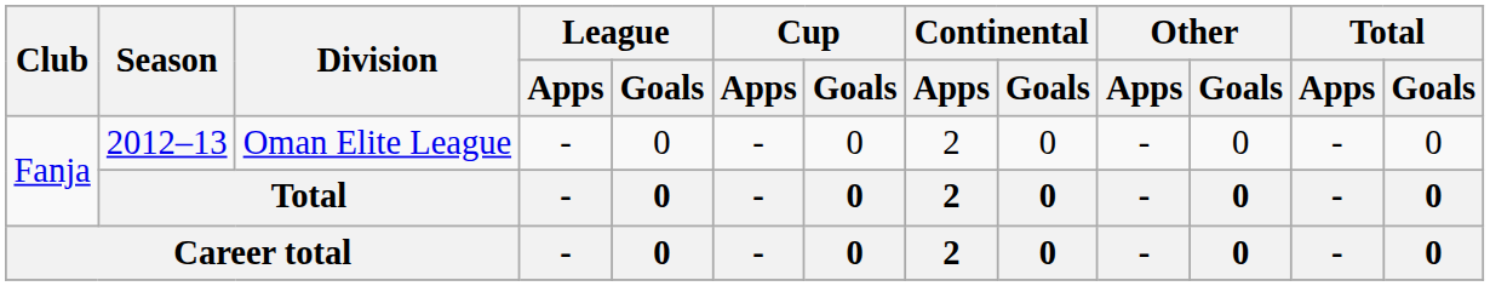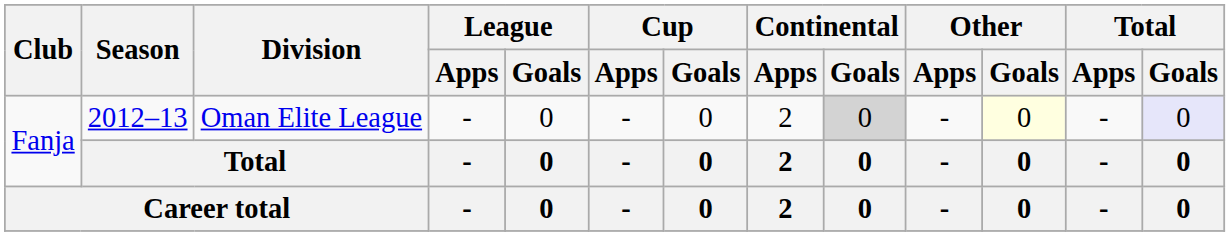 <table class="wikitable" style="text-align: center;">
 <tr>
 <th rowspan="2">Club</th>
 <th rowspan="2">Season</th>
 <th rowspan="2">Division</th>
 <th colspan="2">League</th>
 <th colspan="2">Cup</th>
 <th colspan="2">Continental</th>
 <th colspan="2">Other</th>
 <th colspan="2">Total</th>
 </tr>
 <tr>
 <th>Apps</th>
 <th>Goals</th>
 <th>Apps</th>
 <th>Goals</th>
 <th>Apps</th>
 <th>Goals</th>
 <th>Apps</th>
 <th>Goals</th>
 <th>Apps</th>
 <th>Goals</th>
 </tr>
 <tr>
 <td rowspan="2"><a href='#'>Fanja</a></td>
 <td><a href='#'>2012–13</a></td>
 <td rowspan="1"><a href='#'>Oman Elite League</a></td>
 <td>-</td>
 <td>0</td>
 <td>-</td>
 <td>0</td>
 <td>2</td>
-<td>0</td>
+<td style="background: lightgrey;">0</td>
 <td>-</td>
-<td>0</td>
+<td style="background: lightyellow;">0</td>
 <td>-</td>
-<td>0</td>
+<td style="background: lavender;">0</td>
 </tr>
 <tr>
 <th colspan="2">Total</th>
 <th>-</th>
 <th>0</th>
 <th>-</th>
 <th>0</th>
 <th>2</th>
 <th>0</th>
 <th>-</th>
 <th>0</th>
 <th>-</th>
 <th>0</th>
 </tr>
 <tr>
 <th colspan="3">Career total</th>
 <th>-</th>
 <th>0</th>
 <th>-</th>
 <th>0</th>
 <th>2</th>
 <th>0</th>
 <th>-</th>
 <th>0</th>
 <th>-</th>
 <th>0</th>
 </tr>
 </table>
